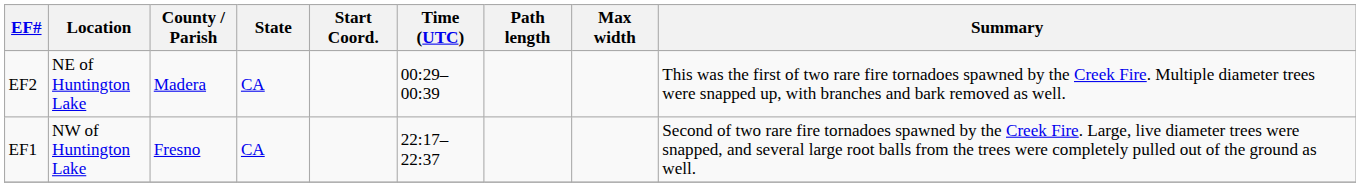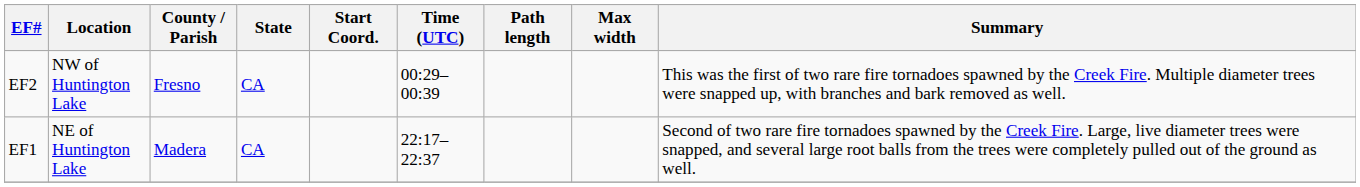 <table class="wikitable sortable" style="width:100%;">
 <tr>
 <th scope="col"  style="width:3%; text-align:center;"><a href='#'>EF#</a></th>
 <th scope="col"  style="width:7%; text-align:center;" class="unsortable">Location</th>
 <th scope="col"  style="width:6%; text-align:center;" class="unsortable">County / Parish</th>
 <th scope="col"  style="width:5%; text-align:center;">State</th>
 <th scope="col"  style="width:6%; text-align:center;">Start Coord.</th>
 <th scope="col"  style="width:6%; text-align:center;">Time (<a href='#'>UTC</a>)</th>
 <th scope="col"  style="width:6%; text-align:center;">Path length</th>
 <th scope="col"  style="width:6%; text-align:center;">Max width</th>
 <th scope="col" class="unsortable" style="width:48%; text-align:center;">Summary</th>
 </tr>
 <tr>
 <td>EF2</td>
-<td>NE of <a href='#'>Huntington Lake</a></td>
-<td><a href='#'>Madera</a></td>
+<td>NW of <a href='#'>Huntington Lake</a></td>
+<td><a href='#'>Fresno</a></td>
 <td><a href='#'>CA</a></td>
 <td></td>
 <td>00:29–00:39</td>
 <td></td>
 <td></td>
 <td>This was the first of two rare fire tornadoes spawned by the <a href='#'>Creek Fire</a>. Multiple  diameter trees were snapped  up, with branches and bark removed as well.</td>
 </tr>
 <tr>
 <td>EF1</td>
-<td>NW of <a href='#'>Huntington Lake</a></td>
-<td><a href='#'>Fresno</a></td>
+<td>NE of <a href='#'>Huntington Lake</a></td>
+<td><a href='#'>Madera</a></td>
 <td><a href='#'>CA</a></td>
 <td></td>
 <td>22:17–22:37</td>
 <td></td>
 <td></td>
 <td>Second of two rare fire tornadoes spawned by the <a href='#'>Creek Fire</a>. Large, live  diameter trees were snapped, and several large root balls from the trees were completely pulled out of the ground as well.</td>
 </tr>
 <tr>
 </tr>
 </table>
